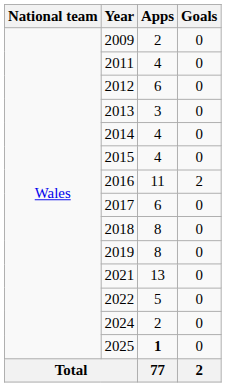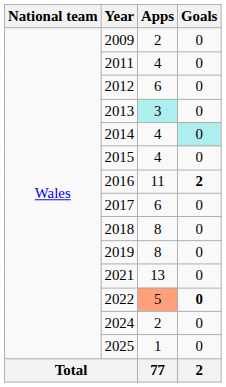 <table class=wikitable style="text-align: center;">
 <tr>
 <th>National team</th>
 <th>Year</th>
 <th>Apps</th>
 <th>Goals</th>
 </tr>
 <tr>
 <td rowspan=14><a href='#'>Wales</a></td>
 <td>2009</td>
 <td>2</td>
 <td>0</td>
 </tr>
 <tr>
 <td>2011</td>
 <td>4</td>
 <td>0</td>
 </tr>
 <tr>
 <td>2012</td>
 <td>6</td>
 <td>0</td>
 </tr>
 <tr>
 <td>2013</td>
-<td>3</td>
+<td style="background: paleturquoise;">3</td>
 <td>0</td>
 </tr>
 <tr>
 <td>2014</td>
 <td>4</td>
-<td>0</td>
+<td style="background: paleturquoise;">0</td>
 </tr>
 <tr>
 <td>2015</td>
 <td>4</td>
 <td>0</td>
 </tr>
 <tr>
 <td>2016</td>
 <td>11</td>
-<td>2</td>
+<td><strong>2</strong></td>
 </tr>
 <tr>
 <td>2017</td>
 <td>6</td>
 <td>0</td>
 </tr>
 <tr>
 <td>2018</td>
 <td>8</td>
 <td>0</td>
 </tr>
 <tr>
 <td>2019</td>
 <td>8</td>
 <td>0</td>
 </tr>
 <tr>
 <td>2021</td>
 <td>13</td>
 <td>0</td>
 </tr>
 <tr>
 <td>2022</td>
-<td>5</td>
-<td>0</td>
+<td style="background: lightsalmon;">5</td>
+<td><strong>0</strong></td>
 </tr>
 <tr>
 <td>2024</td>
 <td>2</td>
 <td>0</td>
 </tr>
 <tr>
 <td>2025</td>
-<td><strong>1</strong></td>
+<td>1</td>
 <td>0</td>
 </tr>
 <tr>
 <th colspan=2>Total</th>
 <th>77</th>
 <th>2</th>
 </tr>
 </table>
